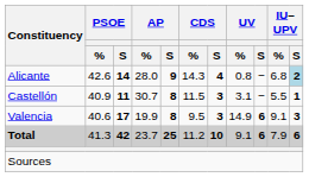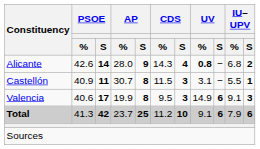 <table class="wikitable sortable" style="text-align:right; line-height:20px;">
 <tr>
 <th rowspan="3">Constituency</th>
 <th colspan="2" width="30px" class="unsortable"><a href='#'>PSOE</a></th>
 <th colspan="2" width="30px" class="unsortable"><a href='#'>AP</a></th>
 <th colspan="2" width="30px" class="unsortable"><a href='#'>CDS</a></th>
 <th colspan="2" width="30px" class="unsortable"><a href='#'>UV</a></th>
 <th colspan="2" width="30px" class="unsortable"><a href='#'>IU</a>–<a href='#'>UPV</a></th>
 </tr>
 <tr>
 <th colspan="2" style="background:"></th>
 <th colspan="2" style="background:"></th>
 <th colspan="2" style="background:"></th>
 <th colspan="2" style="background:"></th>
 <th colspan="2" style="background:"></th>
 </tr>
 <tr>
 <th data-sort-type="number">%</th>
 <th data-sort-type="number">S</th>
 <th data-sort-type="number">%</th>
 <th data-sort-type="number">S</th>
 <th data-sort-type="number">%</th>
 <th data-sort-type="number">S</th>
 <th data-sort-type="number">%</th>
 <th data-sort-type="number">S</th>
 <th data-sort-type="number">%</th>
 <th data-sort-type="number">S</th>
 </tr>
 <tr>
 <td align="left"><a href='#'>Alicante</a></td>
 <td style="background:">42.6</td>
 <td><strong>14</strong></td>
 <td>28.0</td>
 <td><strong>9</strong></td>
 <td>14.3</td>
 <td><strong>4</strong></td>
-<td>0.8</td>
+<td><strong>0.8</strong></td>
 <td>−</td>
 <td>6.8</td>
-<td style="background: lightblue;"><strong>2</strong></td>
+<td><strong>2</strong></td>
 </tr>
 <tr>
 <td align="left"><a href='#'>Castellón</a></td>
 <td style="background:">40.9</td>
 <td><strong>11</strong></td>
 <td>30.7</td>
 <td><strong>8</strong></td>
 <td>11.5</td>
 <td><strong>3</strong></td>
 <td>3.1</td>
 <td>−</td>
 <td>5.5</td>
 <td><strong>1</strong></td>
 </tr>
 <tr>
 <td align="left"><a href='#'>Valencia</a></td>
 <td style="background:">40.6</td>
 <td><strong>17</strong></td>
 <td>19.9</td>
 <td><strong>8</strong></td>
 <td>9.5</td>
 <td><strong>3</strong></td>
 <td>14.9</td>
 <td><strong>6</strong></td>
 <td>9.1</td>
 <td><strong>3</strong></td>
 </tr>
 <tr style="background:#CDCDCD;">
 <td align="left"><strong>Total</strong></td>
 <td style="background:">41.3</td>
 <td><strong>42</strong></td>
 <td>23.7</td>
 <td><strong>25</strong></td>
 <td>11.2</td>
 <td><strong>10</strong></td>
 <td>9.1</td>
 <td><strong>6</strong></td>
 <td>7.9</td>
 <td><strong>6</strong></td>
 </tr>
 <tr>
 <th colspan="11"></th>
 </tr>
 <tr>
 <th style="text-align:left; font-weight:normal; background:#F9F9F9" colspan="11">Sources</th>
 </tr>
 </table>
